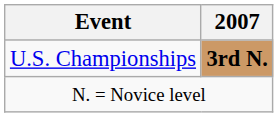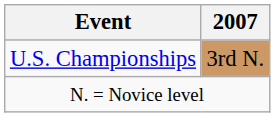 <table class="wikitable" style="text-align:center">
 <tr>
 <th>Event</th>
 <th>2007</th>
 </tr>
 <tr>
 <td align=left><a href='#'>U.S. Championships</a></td>
-<td bgcolor=cc9966><strong>3rd N.</strong></td>
+<td bgcolor=cc9966>3rd N.</td>
 </tr>
 <tr>
 <td colspan=2 align=center><small> N. = Novice level </small></td>
 </tr>
 </table>
